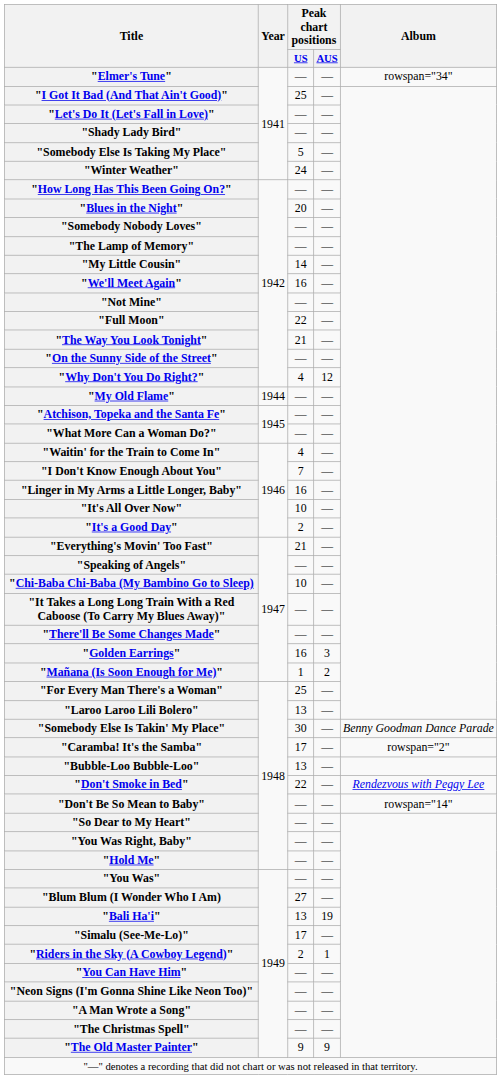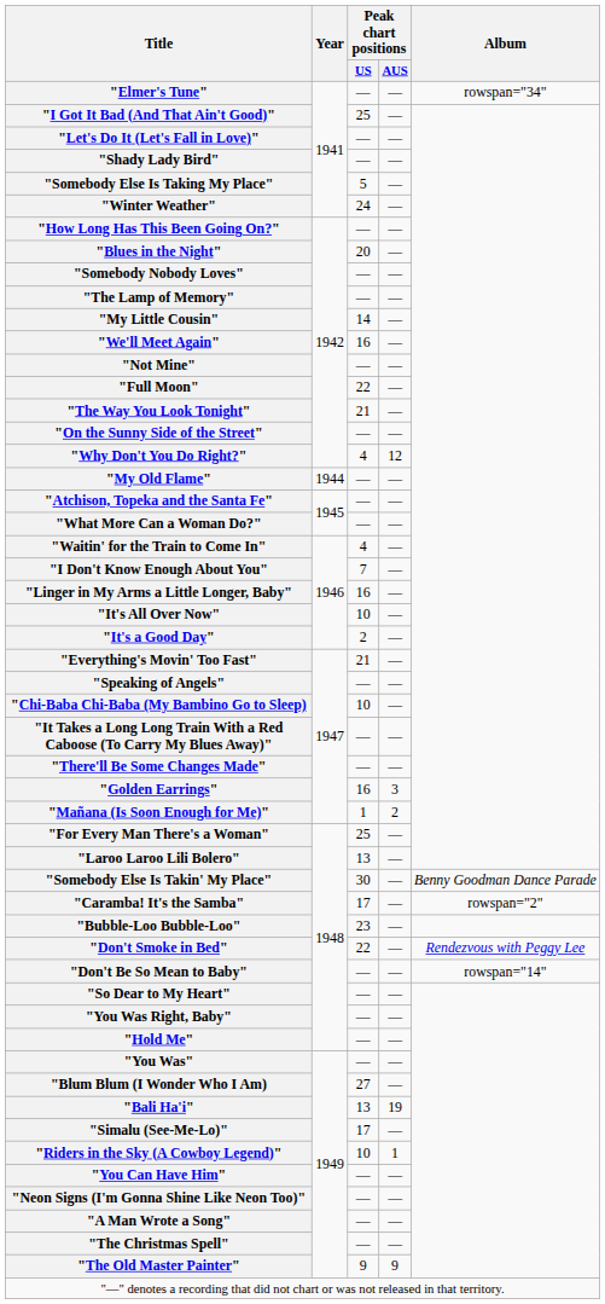 <table class="wikitable plainrowheaders" style="text-align:center;" border="1">
 <tr>
 <th scope="col" rowspan="2" style="width:21em;">Title</th>
 <th scope="col" rowspan="2">Year</th>
 <th scope="col" colspan="2">Peak chart<br>positions</th>
 <th scope="col" rowspan="2">Album</th>
 </tr>
 <tr>
 <th scope="col" style="width:2em;font-size:90%;"><a href='#'>US</a><br></th>
 <th scope="col" style="width:2em;font-size:90%;"><a href='#'>AUS</a><br></th>
 </tr>
 <tr>
 <th scope="row">"<a href='#'>Elmer's Tune</a>"<br></th>
 <td rowspan="6">1941</td>
 <td>—</td>
 <td>—</td>
 <td>rowspan="34" </td>
 </tr>
 <tr>
 <th scope="row">"<a href='#'>I Got It Bad (And That Ain't Good)</a>"<br></th>
 <td>25</td>
 <td>—</td>
 </tr>
 <tr>
 <th scope="row">"<a href='#'>Let's Do It (Let's Fall in Love)</a>"<br></th>
 <td>—</td>
 <td>—</td>
 </tr>
 <tr>
 <th scope="row">"Shady Lady Bird"<br></th>
 <td>—</td>
 <td>—</td>
 </tr>
 <tr>
 <th scope="row">"Somebody Else Is Taking My Place"<br></th>
 <td>5</td>
 <td>—</td>
 </tr>
 <tr>
 <th scope="row">"Winter Weather"<br></th>
 <td>24</td>
 <td>—</td>
 </tr>
 <tr>
 <th scope="row">"<a href='#'>How Long Has This Been Going On?</a>"<br></th>
 <td rowspan="11">1942</td>
 <td>—</td>
 <td>—</td>
 </tr>
 <tr>
 <th scope="row">"<a href='#'>Blues in the Night</a>"<br></th>
 <td>20</td>
 <td>—</td>
 </tr>
 <tr>
 <th scope="row">"Somebody Nobody Loves"<br></th>
 <td>—</td>
 <td>—</td>
 </tr>
 <tr>
 <th scope="row">"The Lamp of Memory"<br></th>
 <td>—</td>
 <td>—</td>
 </tr>
 <tr>
 <th scope="row">"My Little Cousin"<br></th>
 <td>14</td>
 <td>—</td>
 </tr>
 <tr>
 <th scope="row">"<a href='#'>We'll Meet Again</a>"<br></th>
 <td>16</td>
 <td>—</td>
 </tr>
 <tr>
 <th scope="row">"Not Mine"<br></th>
 <td>—</td>
 <td>—</td>
 </tr>
 <tr>
 <th scope="row">"Full Moon"<br></th>
 <td>22</td>
 <td>—</td>
 </tr>
 <tr>
 <th scope="row">"<a href='#'>The Way You Look Tonight</a>"<br></th>
 <td>21</td>
 <td>—</td>
 </tr>
 <tr>
 <th scope="row">"<a href='#'>On the Sunny Side of the Street</a>"<br></th>
 <td>—</td>
 <td>—</td>
 </tr>
 <tr>
 <th scope="row">"<a href='#'>Why Don't You Do Right?</a>"<br></th>
 <td>4</td>
 <td>12</td>
 </tr>
 <tr>
 <th scope="row">"<a href='#'>My Old Flame</a>"<br></th>
 <td>1944</td>
 <td>—</td>
 <td>—</td>
 </tr>
 <tr>
 <th scope="row">"<a href='#'>Atchison, Topeka and the Santa Fe</a>"<br></th>
 <td rowspan="2">1945</td>
 <td>—</td>
 <td>—</td>
 </tr>
 <tr>
 <th scope="row">"What More Can a Woman Do?"</th>
 <td>—</td>
 <td>—</td>
 </tr>
 <tr>
 <th scope="row">"Waitin' for the Train to Come In"</th>
 <td rowspan="5">1946</td>
 <td>4</td>
 <td>—</td>
 </tr>
 <tr>
 <th scope="row">"I Don't Know Enough About You"</th>
 <td>7</td>
 <td>—</td>
 </tr>
 <tr>
 <th scope="row">"Linger in My Arms a Little Longer, Baby"</th>
 <td>16</td>
 <td>—</td>
 </tr>
 <tr>
 <th scope="row">"It's All Over Now"</th>
 <td>10</td>
 <td>—</td>
 </tr>
 <tr>
 <th scope="row">"<a href='#'>It's a Good Day</a>"</th>
 <td>2</td>
 <td>—</td>
 </tr>
 <tr>
 <th scope="row">"Everything's Movin' Too Fast"</th>
 <td rowspan="7">1947</td>
 <td>21</td>
 <td>—</td>
 </tr>
 <tr>
 <th scope="row">"Speaking of Angels"</th>
 <td>—</td>
 <td>—</td>
 </tr>
 <tr>
 <th scope="row">"<a href='#'>Chi-Baba Chi-Baba (My Bambino Go to Sleep)</a></th>
 <td>10</td>
 <td>—</td>
 </tr>
 <tr>
 <th scope="row">"It Takes a Long Long Train With a Red Caboose (To Carry My Blues Away)"</th>
 <td>—</td>
 <td>—</td>
 </tr>
 <tr>
 <th scope="row">"<a href='#'>There'll Be Some Changes Made</a>"</th>
 <td>—</td>
 <td>—</td>
 </tr>
 <tr>
 <th scope="row">"<a href='#'>Golden Earrings</a>"</th>
 <td>16</td>
 <td>3</td>
 </tr>
 <tr>
 <th scope="row">"<a href='#'>Mañana (Is Soon Enough for Me)</a>"</th>
 <td>1</td>
 <td>2</td>
 </tr>
 <tr>
 <th scope="row">"For Every Man There's a Woman"<br></th>
 <td rowspan="10">1948</td>
 <td>25</td>
 <td>—</td>
 </tr>
 <tr>
 <th scope="row">"Laroo Laroo Lili Bolero"</th>
 <td>13</td>
 <td>—</td>
 </tr>
 <tr>
 <th scope="row">"Somebody Else Is Takin' My Place"<br></th>
 <td>30<br></td>
 <td>—</td>
 <td><em>Benny Goodman Dance Parade</em></td>
 </tr>
 <tr>
 <th scope="row">"Caramba! It's the Samba"</th>
 <td>17</td>
 <td>—</td>
 <td>rowspan="2" </td>
 </tr>
 <tr>
 <th scope="row">"Bubble-Loo Bubble-Loo"</th>
-<td>13</td>
+<td>23</td>
 <td>—</td>
 </tr>
 <tr>
 <th scope="row">"<a href='#'>Don't Smoke in Bed</a>"</th>
 <td>22</td>
 <td>—</td>
 <td><em><a href='#'>Rendezvous with Peggy Lee</a></em></td>
 </tr>
 <tr>
 <th scope="row">"Don't Be So Mean to Baby"</th>
 <td>—</td>
 <td>—</td>
 <td>rowspan="14" </td>
 </tr>
 <tr>
 <th scope="row">"So Dear to My Heart"</th>
 <td>—</td>
 <td>—</td>
 </tr>
 <tr>
 <th scope="row">"You Was Right, Baby"</th>
 <td>—</td>
 <td>—</td>
 </tr>
 <tr>
 <th scope="row">"<a href='#'>Hold Me</a>"</th>
 <td>—</td>
 <td>—</td>
 </tr>
 <tr>
 <th scope="row">"You Was"<br></th>
 <td rowspan="10">1949</td>
 <td>—</td>
 <td>—</td>
 </tr>
 <tr>
 <th scope="row">"Blum Blum (I Wonder Who I Am)</th>
 <td>27</td>
 <td>—</td>
 </tr>
 <tr>
 <th scope="row">"<a href='#'>Bali Ha'i</a>"</th>
 <td>13</td>
 <td>19</td>
 </tr>
 <tr>
 <th scope="row">"Simalu (See-Me-Lo)"</th>
 <td>17</td>
 <td>—</td>
 </tr>
 <tr>
 <th scope="row">"<a href='#'>Riders in the Sky (A Cowboy Legend)</a>"</th>
-<td>2</td>
+<td>10</td>
 <td>1</td>
 </tr>
 <tr>
 <th scope="row">"<a href='#'>You Can Have Him</a>"</th>
 <td>—</td>
 <td>—</td>
 </tr>
 <tr>
 <th scope="row">"Neon Signs (I'm Gonna Shine Like Neon Too)"</th>
 <td>—</td>
 <td>—</td>
 </tr>
 <tr>
 <th scope="row">"A Man Wrote a Song"</th>
 <td>—</td>
 <td>—</td>
 </tr>
 <tr>
 <th scope="row">"The Christmas Spell"</th>
 <td>—</td>
 <td>—</td>
 </tr>
 <tr>
 <th scope="row">"<a href='#'>The Old Master Painter</a>"<br></th>
 <td>9</td>
 <td>9</td>
 </tr>
 <tr>
 <td colspan="5" style="font-size:90%">"—" denotes a recording that did not chart or was not released in that territory.</td>
 </tr>
 </table>
